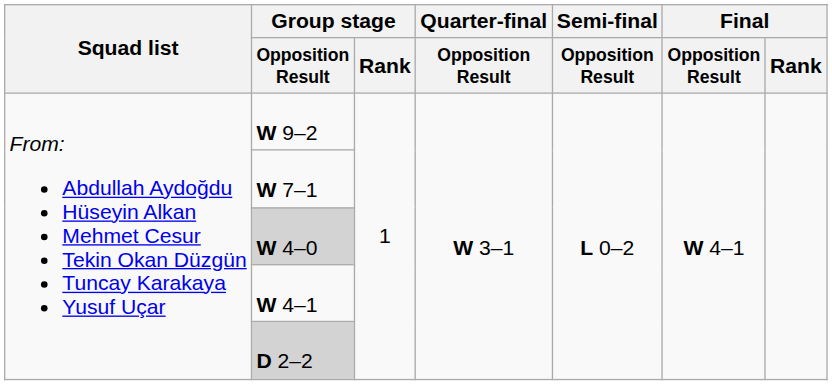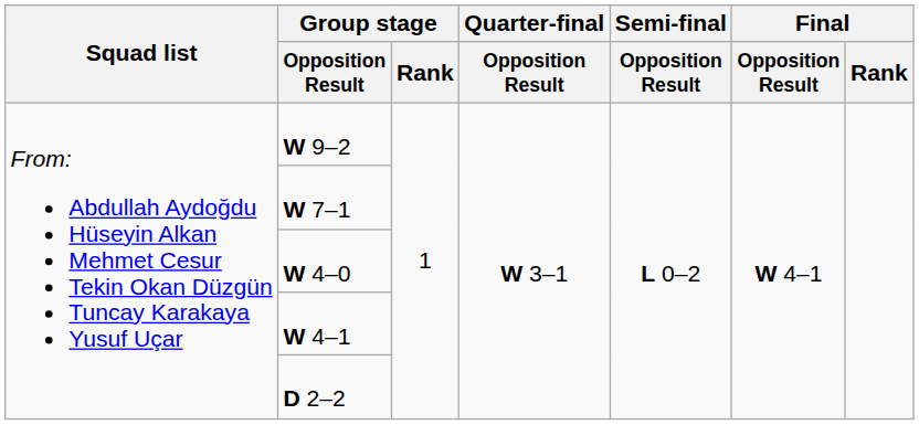 <table class=wikitable>
 <tr>
 <th rowspan="2">Squad list</th>
 <th colspan="2">Group stage</th>
 <th>Quarter-final</th>
 <th>Semi-final</th>
 <th colspan="2">Final</th>
 </tr>
 <tr>
 <th style="line-height:1em"><small>Opposition<br>Result</small></th>
 <th>Rank</th>
 <th style="line-height:1em"><small>Opposition<br>Result</small></th>
 <th style="line-height:1em"><small>Opposition<br>Result</small></th>
 <th style="line-height:1em"><small>Opposition<br>Result</small></th>
 <th>Rank</th>
 </tr>
 <tr>
 <td rowspan="5"><em>From:</em><br><ul><li><a href='#'>Abdullah Aydoğdu</a></li><li><a href='#'>Hüseyin Alkan</a></li><li><a href='#'>Mehmet Cesur</a></li><li><a href='#'>Tekin Okan Düzgün</a></li><li><a href='#'>Tuncay Karakaya</a></li><li><a href='#'>Yusuf Uçar</a></li></ul></td>
 <td align="left"><br><strong>W</strong> 9–2</td>
 <td align="center" rowspan="5">1</td>
 <td align="center" rowspan="5"><br><strong>W</strong> 3–1</td>
 <td align="center" rowspan="5"><br><strong>L</strong> 0–2</td>
 <td align="center" rowspan="5"><br><strong>W</strong> 4–1</td>
 <td align="center" rowspan="5"></td>
 </tr>
 <tr>
 <td align="left"><br><strong>W</strong> 7–1</td>
 </tr>
 <tr>
-<td align="left" style="background: lightgrey;"><br><strong>W</strong> 4–0</td>
+<td align="left"><br><strong>W</strong> 4–0</td>
 </tr>
 <tr>
 <td align="left"><br><strong>W</strong> 4–1</td>
 </tr>
 <tr>
-<td align="left" style="background: lightgrey;"><br><strong>D</strong> 2–2</td>
+<td align="left"><br><strong>D</strong> 2–2</td>
 </tr>
 </table>
